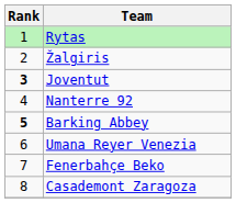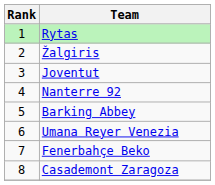 <table class="wikitable">
 <tr>
 <th>Rank</th>
 <th style="width:180px;">Team</th>
 </tr>
 <tr style="background:#bbf3bb;">
 <td align=center>1</td>
 <td> <a href='#'>Rytas</a></td>
 </tr>
 <tr>
 <td align=center>2</td>
 <td> <a href='#'>Žalgiris</a></td>
 </tr>
 <tr>
-<td align=center><strong>3</strong></td>
+<td align=center>3</td>
 <td> <a href='#'>Joventut</a></td>
 </tr>
 <tr>
 <td align=center>4</td>
 <td> <a href='#'>Nanterre 92</a></td>
 </tr>
 <tr>
-<td align=center><strong>5</strong></td>
+<td align=center>5</td>
 <td> <a href='#'>Barking Abbey</a></td>
 </tr>
 <tr>
 <td align=center>6</td>
 <td> <a href='#'>Umana Reyer Venezia</a></td>
 </tr>
 <tr>
 <td align=center>7</td>
 <td> <a href='#'>Fenerbahçe Beko</a></td>
 </tr>
 <tr>
 <td align=center>8</td>
 <td> <a href='#'>Casademont Zaragoza</a></td>
 </tr>
 <tr>
 </tr>
 </table>
